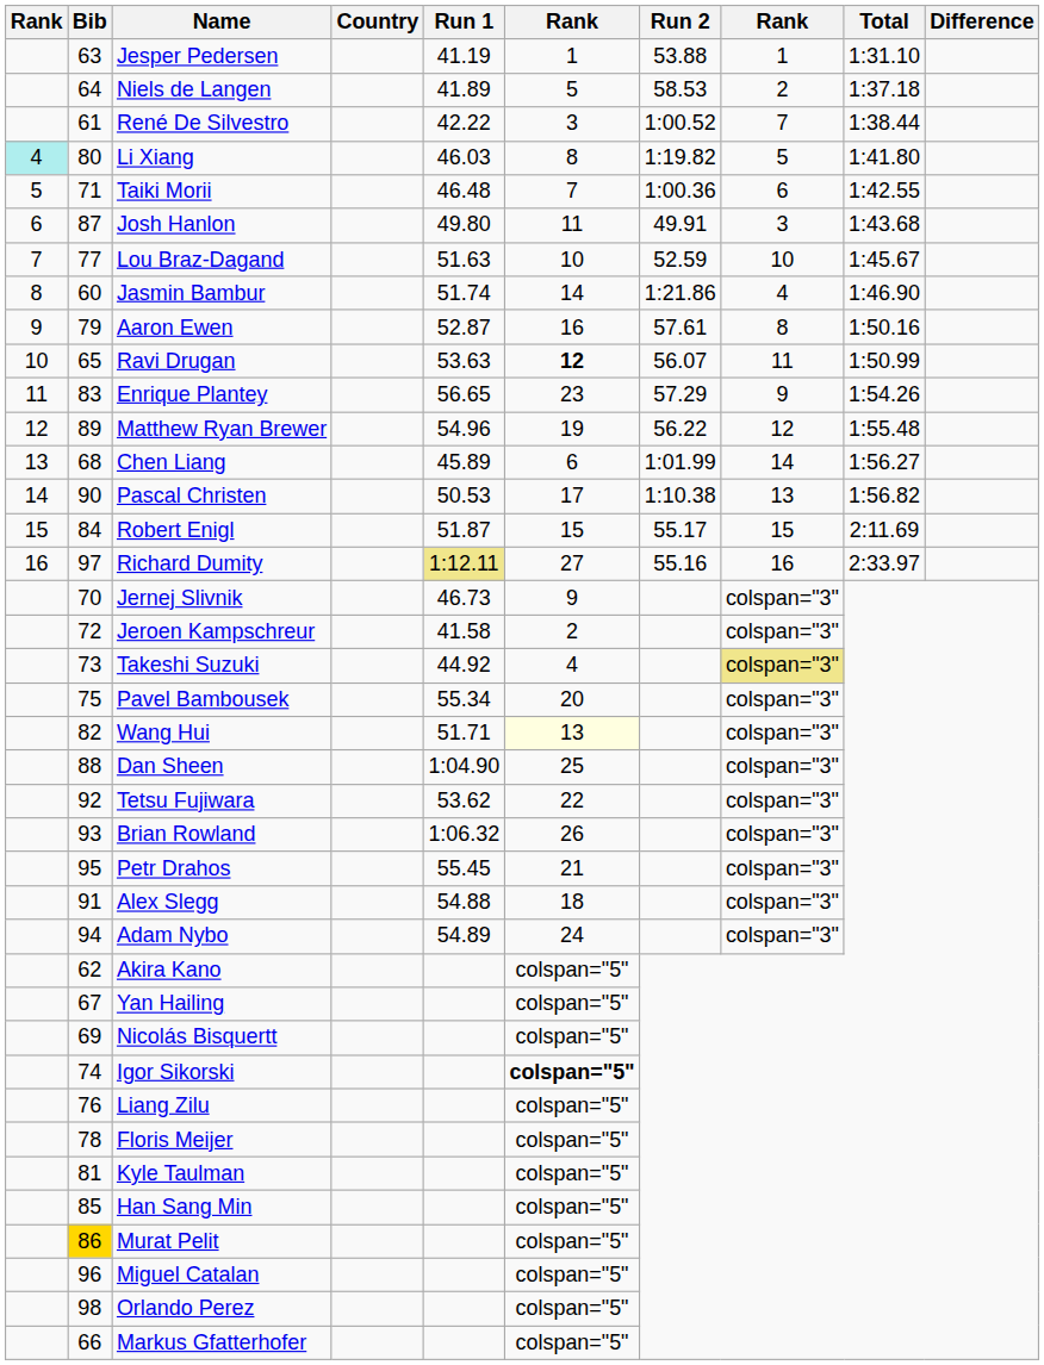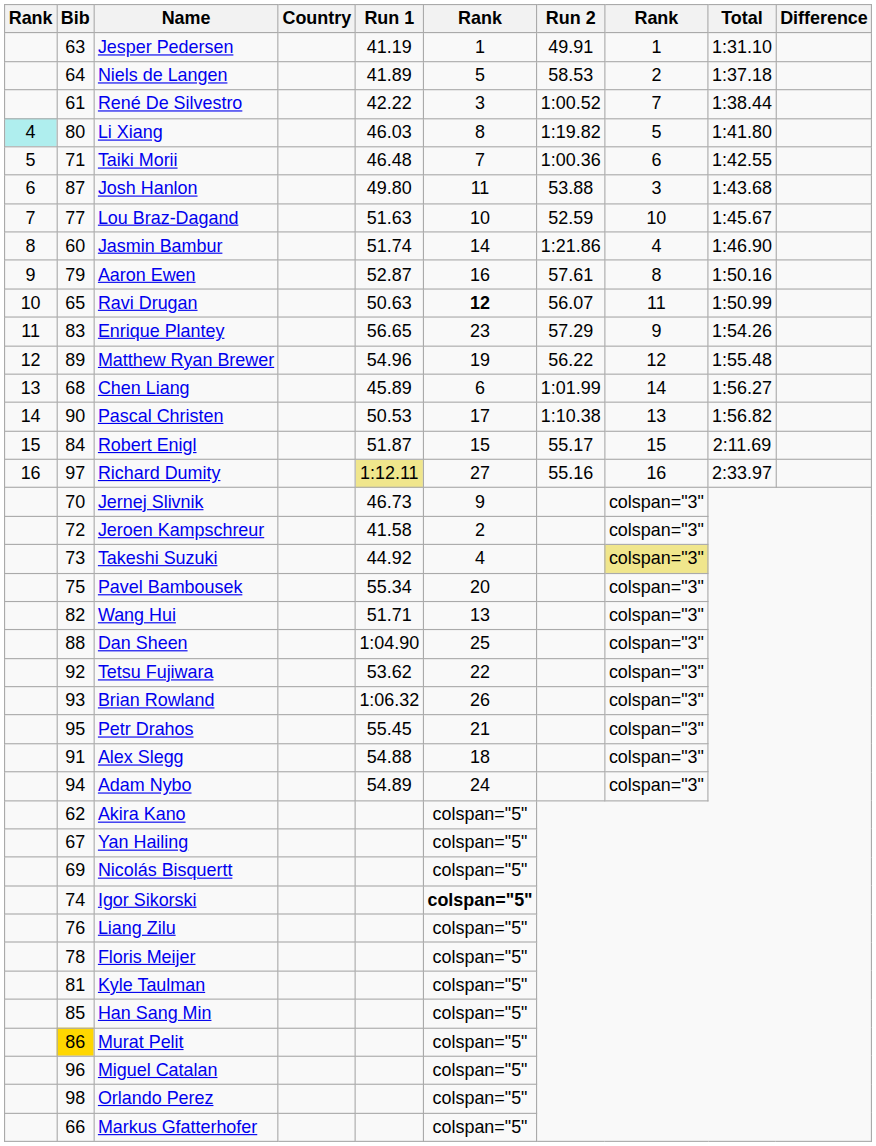 <table class="wikitable sortable" style="text-align:center">
 <tr>
 <th>Rank</th>
 <th>Bib</th>
 <th>Name</th>
 <th>Country</th>
 <th>Run 1</th>
 <th>Rank</th>
 <th>Run 2</th>
 <th>Rank</th>
 <th>Total</th>
 <th>Difference</th>
 </tr>
 <tr>
 <td></td>
 <td>63</td>
 <td align="left"><a href='#'>Jesper Pedersen</a></td>
 <td align="left"></td>
 <td>41.19</td>
 <td>1</td>
-<td>53.88</td>
+<td>49.91</td>
 <td>1</td>
 <td>1:31.10</td>
 <td></td>
 </tr>
 <tr>
 <td></td>
 <td>64</td>
 <td align="left"><a href='#'>Niels de Langen</a></td>
 <td align="left"></td>
 <td>41.89</td>
 <td>5</td>
 <td>58.53</td>
 <td>2</td>
 <td>1:37.18</td>
 <td></td>
 </tr>
 <tr>
 <td></td>
 <td>61</td>
 <td align="left"><a href='#'>René De Silvestro</a></td>
 <td align="left"></td>
 <td>42.22</td>
 <td>3</td>
 <td>1:00.52</td>
 <td>7</td>
 <td>1:38.44</td>
 <td></td>
 </tr>
 <tr>
 <td style="background: paleturquoise;">4</td>
 <td>80</td>
 <td align="left"><a href='#'>Li Xiang</a></td>
 <td align="left"></td>
 <td>46.03</td>
 <td>8</td>
 <td>1:19.82</td>
 <td>5</td>
 <td>1:41.80</td>
 <td></td>
 </tr>
 <tr>
 <td>5</td>
 <td>71</td>
 <td align="left"><a href='#'>Taiki Morii</a></td>
 <td align="left"></td>
 <td>46.48</td>
 <td>7</td>
 <td>1:00.36</td>
 <td>6</td>
 <td>1:42.55</td>
 <td></td>
 </tr>
 <tr>
 <td>6</td>
 <td>87</td>
 <td align="left"><a href='#'>Josh Hanlon</a></td>
 <td align="left"></td>
 <td>49.80</td>
 <td>11</td>
-<td>49.91</td>
+<td>53.88</td>
 <td>3</td>
 <td>1:43.68</td>
 <td></td>
 </tr>
 <tr>
 <td>7</td>
 <td>77</td>
 <td align="left"><a href='#'>Lou Braz-Dagand</a></td>
 <td align="left"></td>
 <td>51.63</td>
 <td>10</td>
 <td>52.59</td>
 <td>10</td>
 <td>1:45.67</td>
 <td></td>
 </tr>
 <tr>
 <td>8</td>
 <td>60</td>
 <td align="left"><a href='#'>Jasmin Bambur</a></td>
 <td align="left"></td>
 <td>51.74</td>
 <td>14</td>
 <td>1:21.86</td>
 <td>4</td>
 <td>1:46.90</td>
 <td></td>
 </tr>
 <tr>
 <td>9</td>
 <td>79</td>
 <td align="left"><a href='#'>Aaron Ewen</a></td>
 <td align="left"></td>
 <td>52.87</td>
 <td>16</td>
 <td>57.61</td>
 <td>8</td>
 <td>1:50.16</td>
 <td></td>
 </tr>
 <tr>
 <td>10</td>
 <td>65</td>
 <td align="left"><a href='#'>Ravi Drugan</a></td>
 <td align="left"></td>
-<td>53.63</td>
+<td>50.63</td>
 <td><strong>12</strong></td>
 <td>56.07</td>
 <td>11</td>
 <td>1:50.99</td>
 <td></td>
 </tr>
 <tr>
 <td>11</td>
 <td>83</td>
 <td align="left"><a href='#'>Enrique Plantey</a></td>
 <td align="left"></td>
 <td>56.65</td>
 <td>23</td>
 <td>57.29</td>
 <td>9</td>
 <td>1:54.26</td>
 <td></td>
 </tr>
 <tr>
 <td>12</td>
 <td>89</td>
 <td align="left"><a href='#'>Matthew Ryan Brewer</a></td>
 <td align="left"></td>
 <td>54.96</td>
 <td>19</td>
 <td>56.22</td>
 <td>12</td>
 <td>1:55.48</td>
 <td></td>
 </tr>
 <tr>
 <td>13</td>
 <td>68</td>
 <td align="left"><a href='#'>Chen Liang</a></td>
 <td align="left"></td>
 <td>45.89</td>
 <td>6</td>
 <td>1:01.99</td>
 <td>14</td>
 <td>1:56.27</td>
 <td></td>
 </tr>
 <tr>
 <td>14</td>
 <td>90</td>
 <td align="left"><a href='#'>Pascal Christen</a></td>
 <td align="left"></td>
 <td>50.53</td>
 <td>17</td>
 <td>1:10.38</td>
 <td>13</td>
 <td>1:56.82</td>
 <td></td>
 </tr>
 <tr>
 <td>15</td>
 <td>84</td>
 <td align="left"><a href='#'>Robert Enigl</a></td>
 <td align="left"></td>
 <td>51.87</td>
 <td>15</td>
 <td>55.17</td>
 <td>15</td>
 <td>2:11.69</td>
 <td></td>
 </tr>
 <tr>
 <td>16</td>
 <td>97</td>
 <td align="left"><a href='#'>Richard Dumity</a></td>
 <td align="left"></td>
 <td style="background: khaki;">1:12.11</td>
 <td>27</td>
 <td>55.16</td>
 <td>16</td>
 <td>2:33.97</td>
 <td></td>
 </tr>
 <tr>
 <td></td>
 <td>70</td>
 <td align="left"><a href='#'>Jernej Slivnik</a></td>
 <td align="left"></td>
 <td>46.73</td>
 <td>9</td>
 <td></td>
 <td>colspan="3" </td>
 </tr>
 <tr>
 <td></td>
 <td>72</td>
 <td align="left"><a href='#'>Jeroen Kampschreur</a></td>
 <td align="left"></td>
 <td>41.58</td>
 <td>2</td>
 <td></td>
 <td>colspan="3" </td>
 </tr>
 <tr>
 <td></td>
 <td>73</td>
 <td align="left"><a href='#'>Takeshi Suzuki</a></td>
 <td align="left"></td>
 <td>44.92</td>
 <td>4</td>
 <td></td>
 <td style="background: khaki;">colspan="3" </td>
 </tr>
 <tr>
 <td></td>
 <td>75</td>
 <td align="left"><a href='#'>Pavel Bambousek</a></td>
 <td align="left"></td>
 <td>55.34</td>
 <td>20</td>
 <td></td>
 <td>colspan="3" </td>
 </tr>
 <tr>
 <td></td>
 <td>82</td>
 <td align="left"><a href='#'>Wang Hui</a></td>
 <td align="left"></td>
 <td>51.71</td>
-<td style="background: lightyellow;">13</td>
+<td>13</td>
 <td></td>
 <td>colspan="3" </td>
 </tr>
 <tr>
 <td></td>
 <td>88</td>
 <td align="left"><a href='#'>Dan Sheen</a></td>
 <td align="left"></td>
 <td>1:04.90</td>
 <td>25</td>
 <td></td>
 <td>colspan="3" </td>
 </tr>
 <tr>
 <td></td>
 <td>92</td>
 <td align="left"><a href='#'>Tetsu Fujiwara</a></td>
 <td align="left"></td>
 <td>53.62</td>
 <td>22</td>
 <td></td>
 <td>colspan="3" </td>
 </tr>
 <tr>
 <td></td>
 <td>93</td>
 <td align="left"><a href='#'>Brian Rowland</a></td>
 <td align="left"></td>
 <td>1:06.32</td>
 <td>26</td>
 <td></td>
 <td>colspan="3" </td>
 </tr>
 <tr>
 <td></td>
 <td>95</td>
 <td align="left"><a href='#'>Petr Drahos</a></td>
 <td align="left"></td>
 <td>55.45</td>
 <td>21</td>
 <td></td>
 <td>colspan="3" </td>
 </tr>
 <tr>
 <td></td>
 <td>91</td>
 <td align="left"><a href='#'>Alex Slegg</a></td>
 <td align="left"></td>
 <td>54.88</td>
 <td>18</td>
 <td></td>
 <td>colspan="3" </td>
 </tr>
 <tr>
 <td></td>
 <td>94</td>
 <td align="left"><a href='#'>Adam Nybo</a></td>
 <td align="left"></td>
 <td>54.89</td>
 <td>24</td>
 <td></td>
 <td>colspan="3" </td>
 </tr>
 <tr>
 <td></td>
 <td>62</td>
 <td align="left"><a href='#'>Akira Kano</a></td>
 <td align="left"></td>
 <td></td>
 <td>colspan="5" </td>
 </tr>
 <tr>
 <td></td>
 <td>67</td>
 <td align="left"><a href='#'>Yan Hailing</a></td>
 <td align="left"></td>
 <td></td>
 <td>colspan="5" </td>
 </tr>
 <tr>
 <td></td>
 <td>69</td>
 <td align="left"><a href='#'>Nicolás Bisquertt</a></td>
 <td align="left"></td>
 <td></td>
 <td>colspan="5" </td>
 </tr>
 <tr>
 <td></td>
 <td>74</td>
 <td align="left"><a href='#'>Igor Sikorski</a></td>
 <td align="left"></td>
 <td></td>
 <td><strong>colspan="5" </strong></td>
 </tr>
 <tr>
 <td></td>
 <td>76</td>
 <td align="left"><a href='#'>Liang Zilu</a></td>
 <td align="left"></td>
 <td></td>
 <td>colspan="5" </td>
 </tr>
 <tr>
 <td></td>
 <td>78</td>
 <td align="left"><a href='#'>Floris Meijer</a></td>
 <td align="left"></td>
 <td></td>
 <td>colspan="5" </td>
 </tr>
 <tr>
 <td></td>
 <td>81</td>
 <td align="left"><a href='#'>Kyle Taulman</a></td>
 <td align="left"></td>
 <td></td>
 <td>colspan="5" </td>
 </tr>
 <tr>
 <td></td>
 <td>85</td>
 <td align="left"><a href='#'>Han Sang Min</a></td>
 <td align="left"></td>
 <td></td>
 <td>colspan="5" </td>
 </tr>
 <tr>
 <td></td>
 <td style="background: gold;">86</td>
 <td align="left"><a href='#'>Murat Pelit</a></td>
 <td align="left"></td>
 <td></td>
 <td>colspan="5" </td>
 </tr>
 <tr>
 <td></td>
 <td>96</td>
 <td align="left"><a href='#'>Miguel Catalan</a></td>
 <td align="left"></td>
 <td></td>
 <td>colspan="5" </td>
 </tr>
 <tr>
 <td></td>
 <td>98</td>
 <td align="left"><a href='#'>Orlando Perez</a></td>
 <td align="left"></td>
 <td></td>
 <td>colspan="5" </td>
 </tr>
 <tr>
 <td></td>
 <td>66</td>
 <td align="left"><a href='#'>Markus Gfatterhofer</a></td>
 <td align="left"></td>
 <td></td>
 <td>colspan="5" </td>
 </tr>
 </table>
